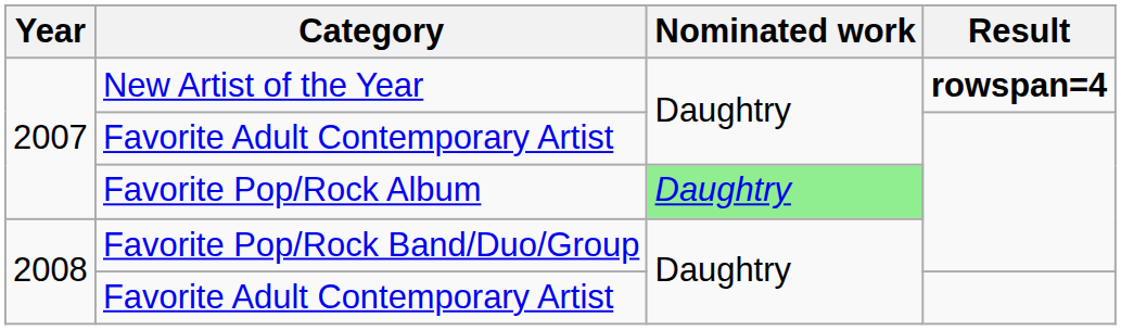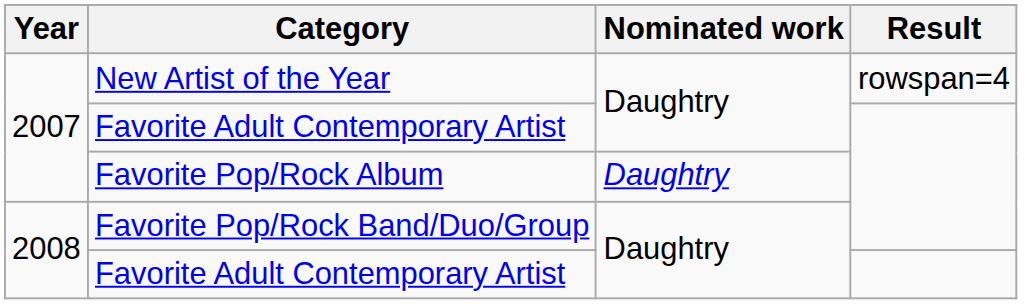 <table class="wikitable">
 <tr>
 <th>Year</th>
 <th>Category</th>
 <th>Nominated work</th>
 <th>Result</th>
 </tr>
 <tr>
 <td rowspan=3>2007</td>
 <td><a href='#'>New Artist of the Year</a></td>
 <td rowspan=2>Daughtry</td>
-<td><strong>rowspan=4 </strong></td>
+<td>rowspan=4 </td>
 </tr>
 <tr>
 <td><a href='#'>Favorite Adult Contemporary Artist</a></td>
 </tr>
 <tr>
 <td><a href='#'>Favorite Pop/Rock Album</a></td>
-<td style="background: lightgreen;"><em><a href='#'>Daughtry</a></em></td>
+<td><em><a href='#'>Daughtry</a></em></td>
 </tr>
 <tr>
 <td rowspan=2>2008</td>
 <td><a href='#'>Favorite Pop/Rock Band/Duo/Group</a></td>
 <td rowspan=2>Daughtry</td>
 </tr>
 <tr>
 <td><a href='#'>Favorite Adult Contemporary Artist</a></td>
 <td></td>
 </tr>
 </table>
